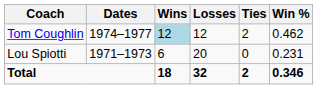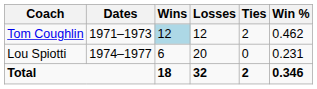 <table class="wikitable">
 <tr>
 <th width=px>Coach</th>
 <th width=px>Dates</th>
 <th width=px>Wins</th>
 <th width=px>Losses</th>
 <th width=px>Ties</th>
 <th width=px>Win %</th>
 </tr>
 <tr>
 <td><a href='#'>Tom Coughlin</a></td>
-<td>1974–1977</td>
+<td>1971–1973</td>
 <td style="background: lightblue;">12</td>
 <td>12</td>
 <td>2</td>
 <td>0.462</td>
 </tr>
 <tr>
 <td>Lou Spiotti</td>
-<td>1971–1973</td>
+<td>1974–1977</td>
 <td>6</td>
 <td>20</td>
 <td>0</td>
 <td>0.231</td>
 </tr>
 <tr>
 <td colspan=2><strong>Total</strong></td>
 <td><strong>18</strong></td>
 <td><strong>32</strong></td>
 <td><strong>2</strong></td>
 <td><strong>0.346</strong></td>
 </tr>
 </table>
